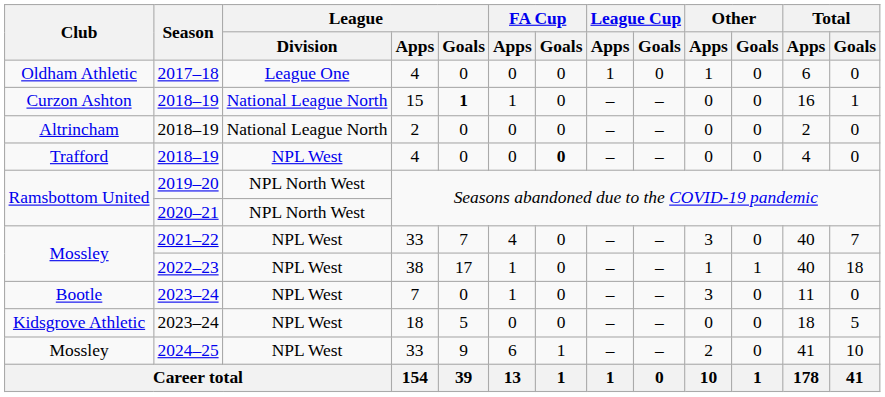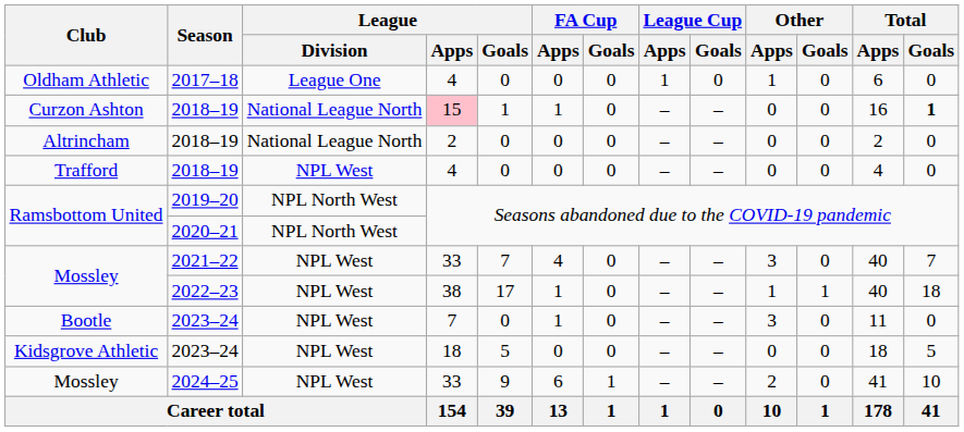 <table class="wikitable" style="text-align:center">
 <tr>
 <th rowspan="2">Club</th>
 <th rowspan="2">Season</th>
 <th colspan="3">League</th>
 <th colspan="2"><a href='#'>FA Cup</a></th>
 <th colspan="2"><a href='#'>League Cup</a></th>
 <th colspan="2">Other</th>
 <th colspan="2">Total</th>
 </tr>
 <tr>
 <th>Division</th>
 <th>Apps</th>
 <th>Goals</th>
 <th>Apps</th>
 <th>Goals</th>
 <th>Apps</th>
 <th>Goals</th>
 <th>Apps</th>
 <th>Goals</th>
 <th>Apps</th>
 <th>Goals</th>
 </tr>
 <tr>
 <td><a href='#'>Oldham Athletic</a></td>
 <td><a href='#'>2017–18</a></td>
 <td><a href='#'>League One</a></td>
 <td>4</td>
 <td>0</td>
 <td>0</td>
 <td>0</td>
 <td>1</td>
 <td>0</td>
 <td>1</td>
 <td>0</td>
 <td>6</td>
 <td>0</td>
 </tr>
 <tr>
 <td><a href='#'>Curzon Ashton</a></td>
 <td><a href='#'>2018–19</a></td>
 <td><a href='#'>National League North</a></td>
-<td>15</td>
-<td><strong>1</strong></td>
+<td style="background: pink;">15</td>
+<td>1</td>
 <td>1</td>
 <td>0</td>
 <td>–</td>
 <td>–</td>
 <td>0</td>
 <td>0</td>
 <td>16</td>
-<td>1</td>
+<td><strong>1</strong></td>
 </tr>
 <tr>
 <td><a href='#'>Altrincham</a></td>
 <td>2018–19</td>
 <td>National League North</td>
 <td>2</td>
 <td>0</td>
 <td>0</td>
 <td>0</td>
 <td>–</td>
 <td>–</td>
 <td>0</td>
 <td>0</td>
 <td>2</td>
 <td>0</td>
 </tr>
 <tr>
 <td><a href='#'>Trafford</a></td>
 <td><a href='#'>2018–19</a></td>
 <td><a href='#'>NPL West</a></td>
 <td>4</td>
 <td>0</td>
 <td>0</td>
-<td><strong>0</strong></td>
+<td>0</td>
 <td>–</td>
 <td>–</td>
 <td>0</td>
 <td>0</td>
 <td>4</td>
 <td>0</td>
 </tr>
 <tr>
 <td rowspan="2"><a href='#'>Ramsbottom United</a></td>
 <td><a href='#'>2019–20</a></td>
 <td>NPL North West</td>
 <td colspan="10" rowspan="2"><em>Seasons abandoned due to the <a href='#'>COVID-19 pandemic</a></em></td>
 </tr>
 <tr>
 <td><a href='#'>2020–21</a></td>
 <td>NPL North West</td>
 </tr>
 <tr>
 <td rowspan="2"><a href='#'>Mossley</a></td>
 <td><a href='#'>2021–22</a></td>
 <td>NPL West</td>
 <td>33</td>
 <td>7</td>
 <td>4</td>
 <td>0</td>
 <td>–</td>
 <td>–</td>
 <td>3</td>
 <td>0</td>
 <td>40</td>
 <td>7</td>
 </tr>
 <tr>
 <td><a href='#'>2022–23</a></td>
 <td>NPL West</td>
 <td>38</td>
 <td>17</td>
 <td>1</td>
 <td>0</td>
 <td>–</td>
 <td>–</td>
 <td>1</td>
 <td>1</td>
 <td>40</td>
 <td>18</td>
 </tr>
 <tr>
 <td><a href='#'>Bootle</a></td>
 <td><a href='#'>2023–24</a></td>
 <td>NPL West</td>
 <td>7</td>
 <td>0</td>
 <td>1</td>
 <td>0</td>
 <td>–</td>
 <td>–</td>
 <td>3</td>
 <td>0</td>
 <td>11</td>
 <td>0</td>
 </tr>
 <tr>
 <td><a href='#'>Kidsgrove Athletic</a></td>
 <td>2023–24</td>
 <td>NPL West</td>
 <td>18</td>
 <td>5</td>
 <td>0</td>
 <td>0</td>
 <td>–</td>
 <td>–</td>
 <td>0</td>
 <td>0</td>
 <td>18</td>
 <td>5</td>
 </tr>
 <tr>
 <td>Mossley</td>
 <td><a href='#'>2024–25</a></td>
 <td>NPL West</td>
 <td>33</td>
 <td>9</td>
 <td>6</td>
 <td>1</td>
 <td>–</td>
 <td>–</td>
 <td>2</td>
 <td>0</td>
 <td>41</td>
 <td>10</td>
 </tr>
 <tr>
 <th colspan="3">Career total</th>
 <th>154</th>
 <th>39</th>
 <th>13</th>
 <th>1</th>
 <th>1</th>
 <th>0</th>
 <th>10</th>
 <th>1</th>
 <th>178</th>
 <th>41</th>
 </tr>
 </table>
